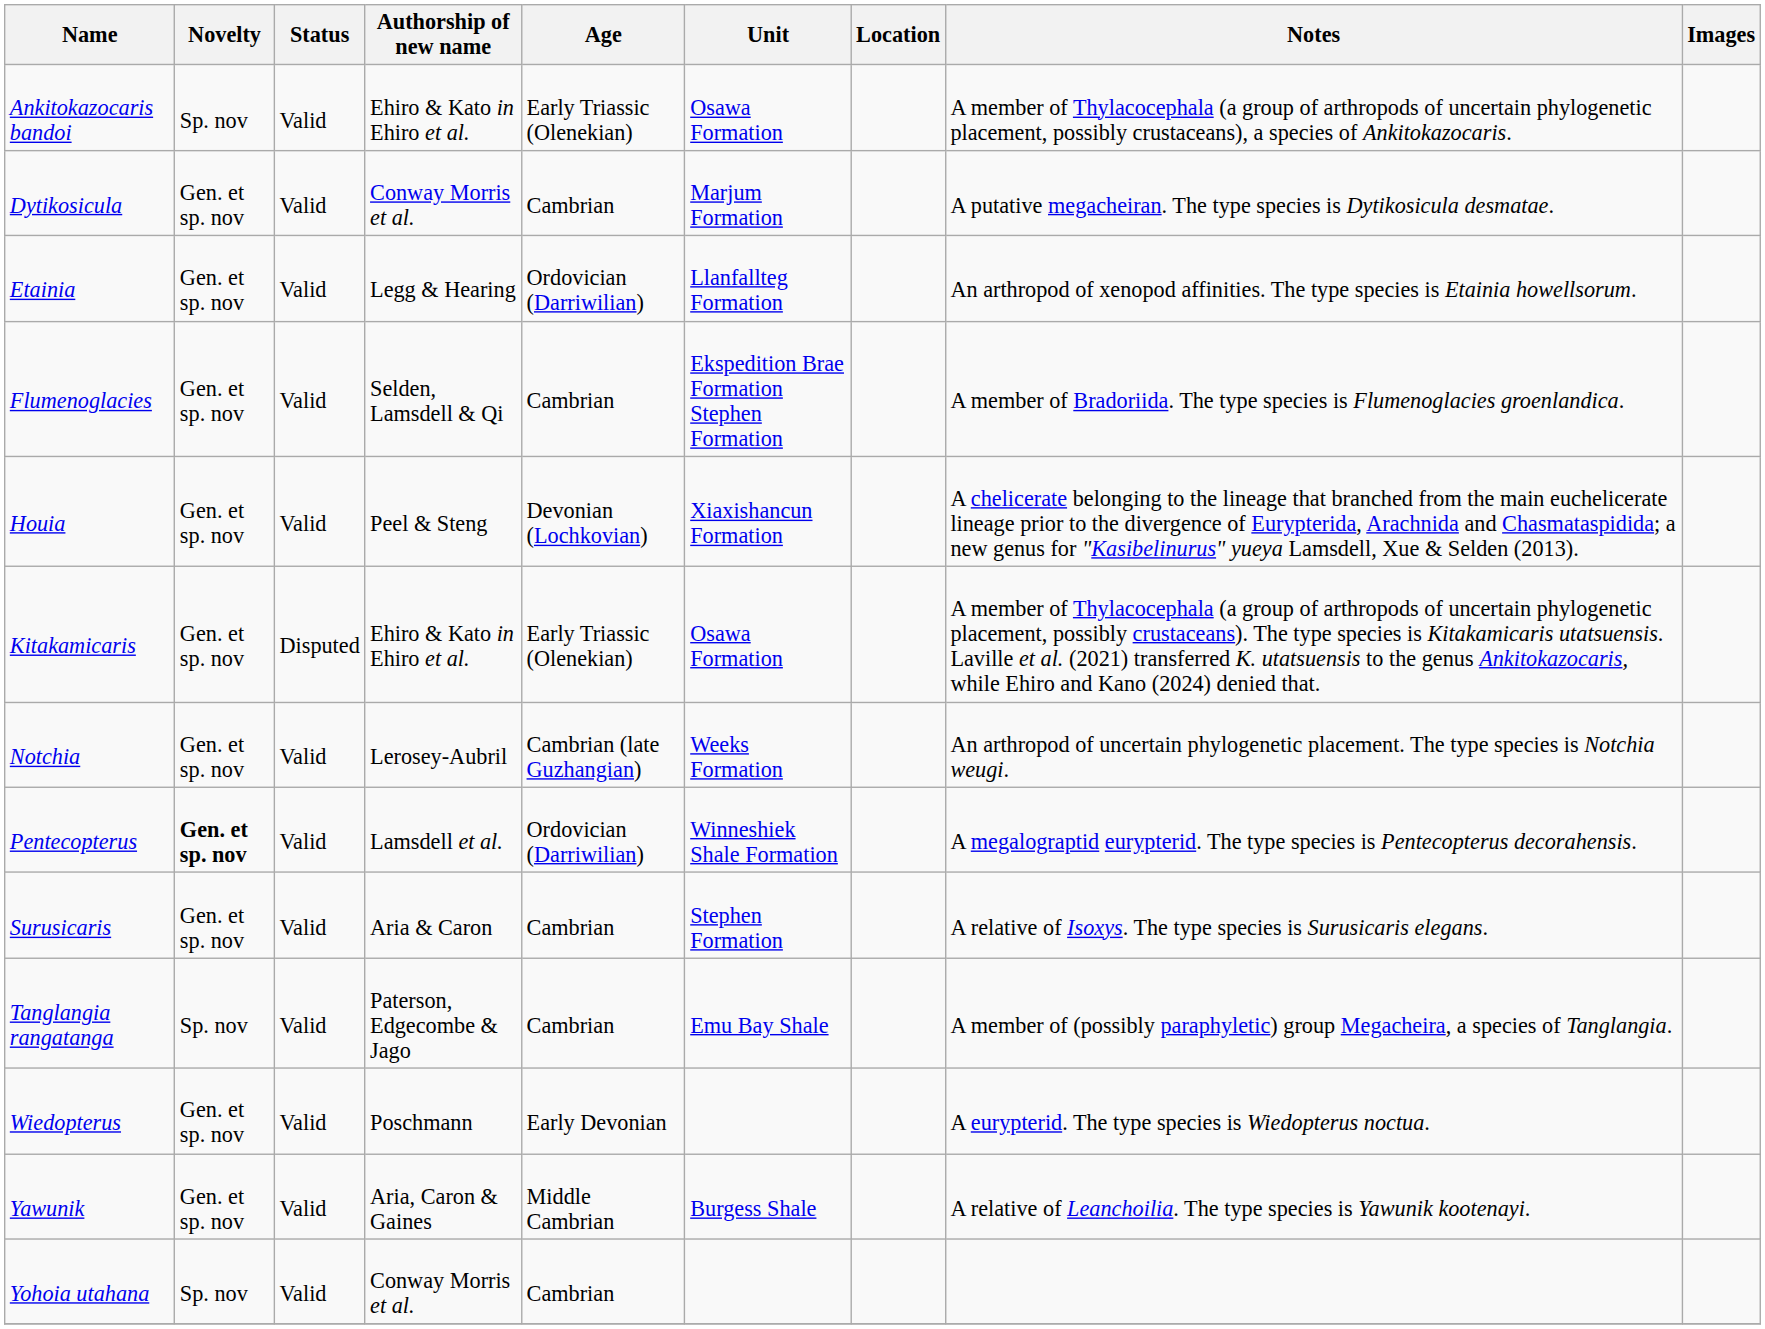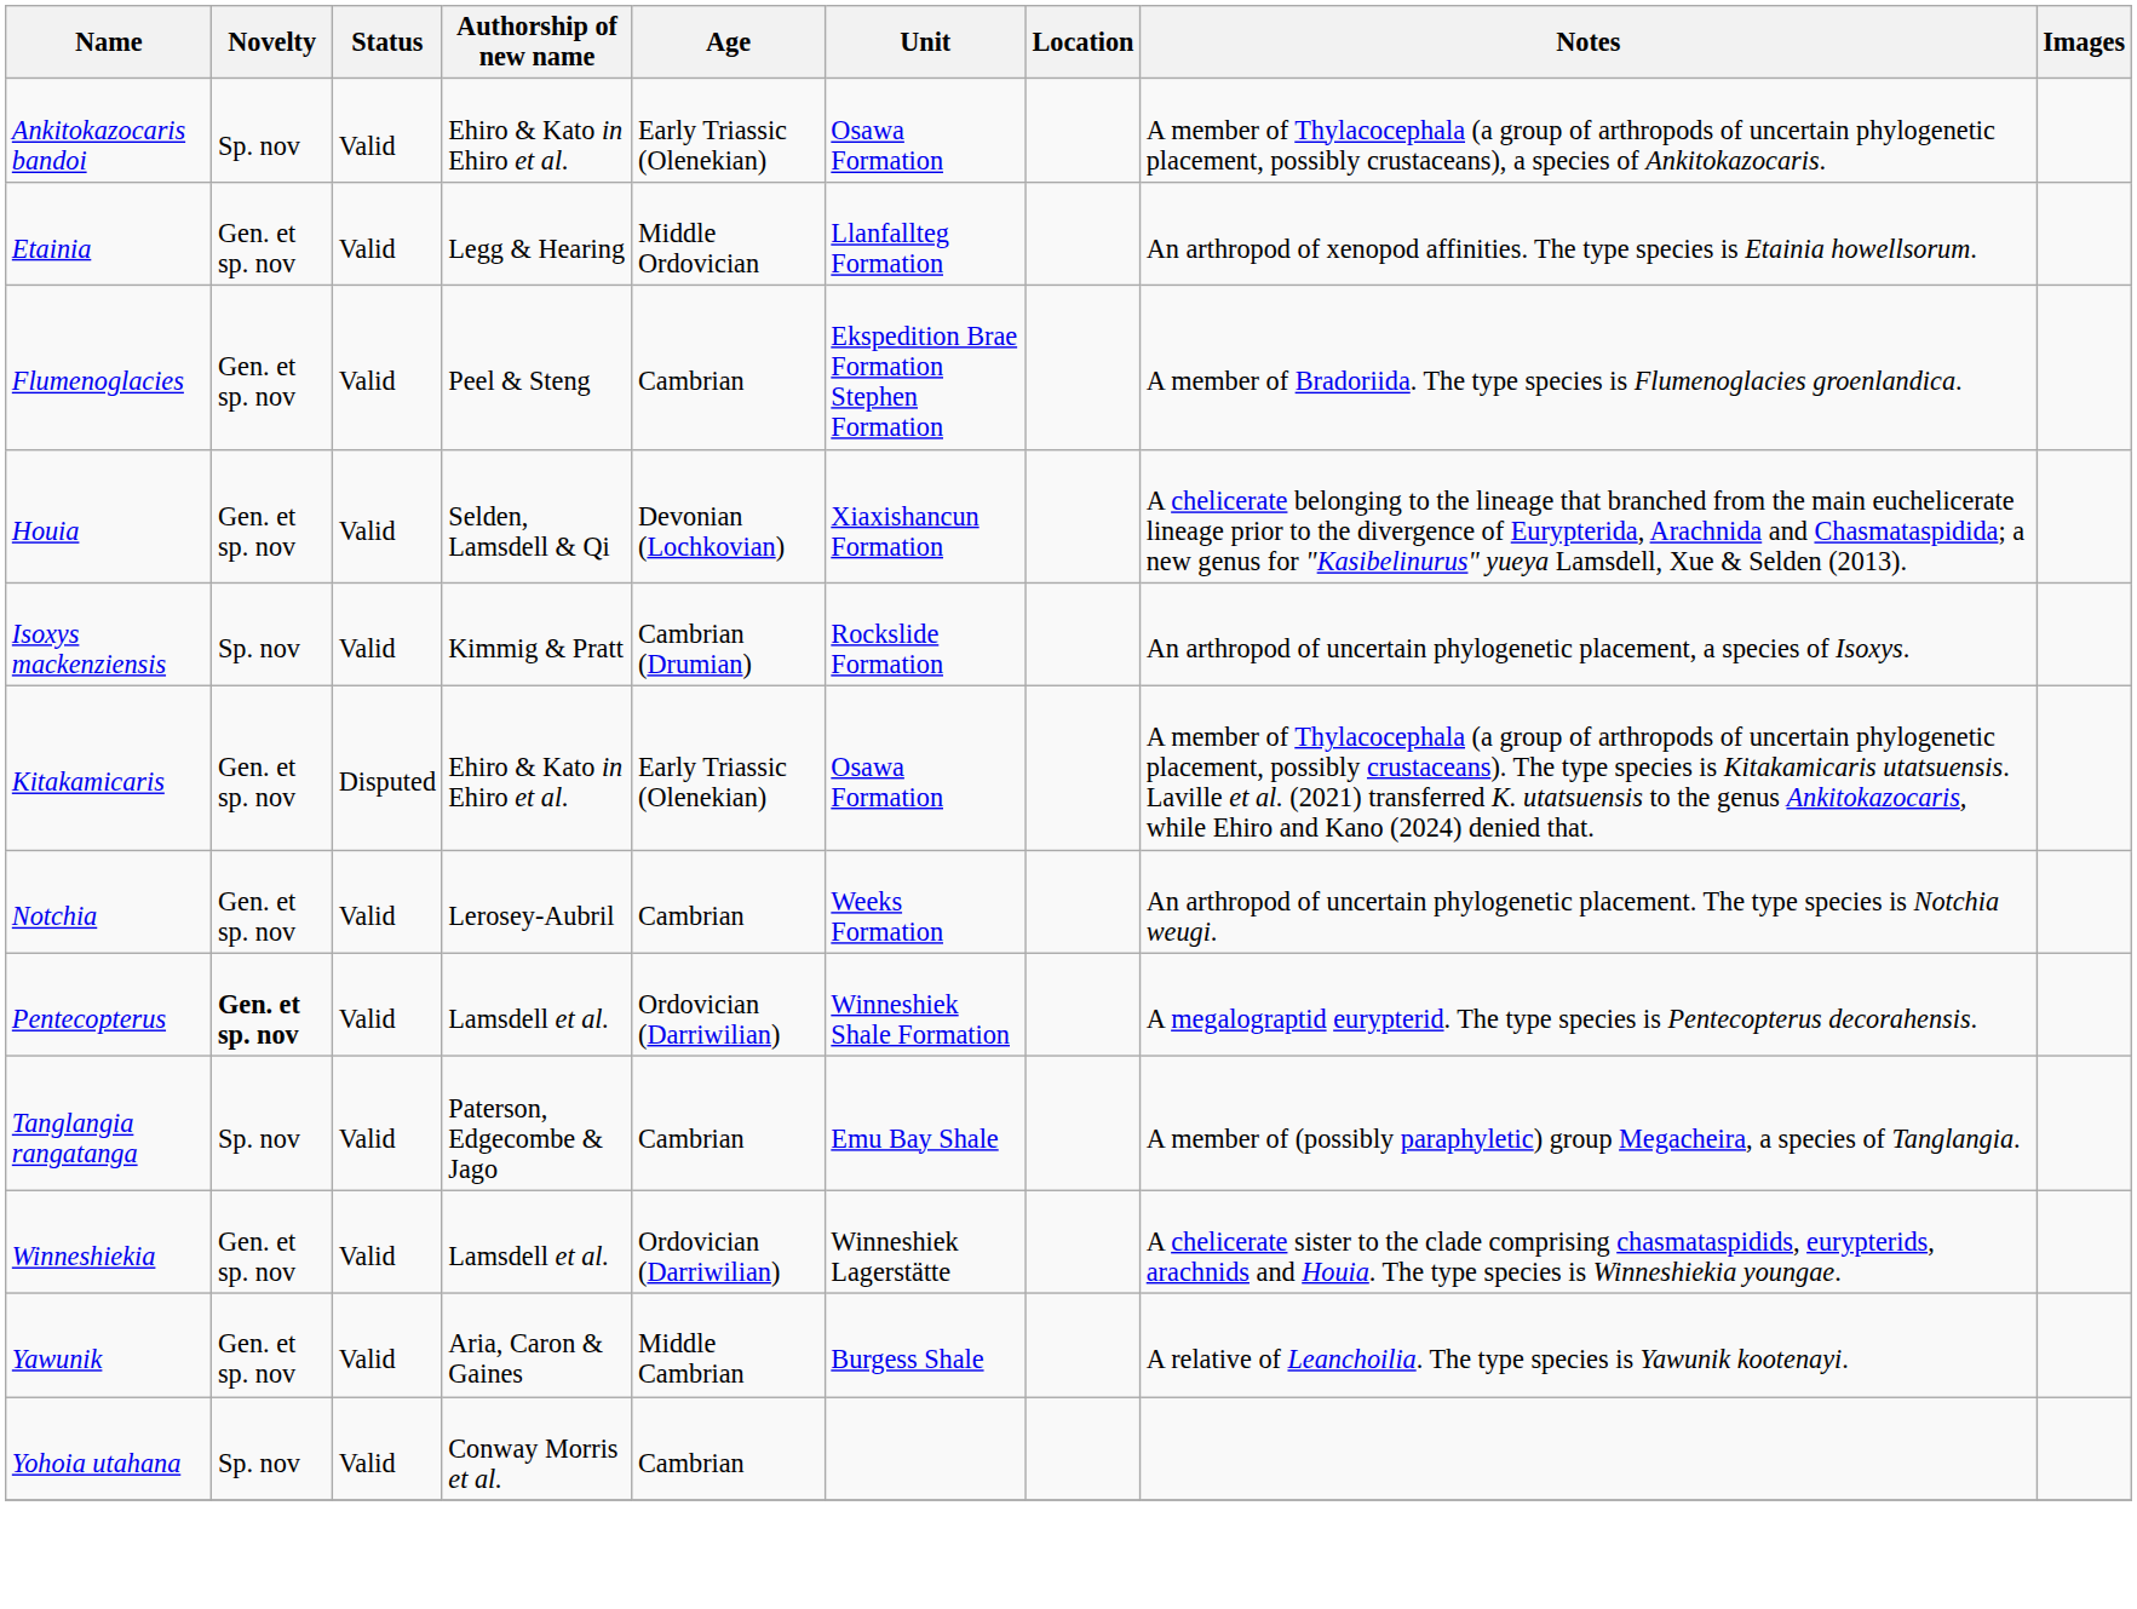 <table class="wikitable sortable" align="center" width="100%">
 <tr>
 <th>Name</th>
 <th>Novelty</th>
 <th>Status</th>
 <th>Authorship of new name</th>
 <th>Age</th>
 <th>Unit</th>
 <th>Location</th>
 <th>Notes</th>
 <th>Images</th>
 </tr>
 <tr>
 <td><br><em><a href='#'>Ankitokazocaris bandoi</a></em></td>
 <td><br>Sp. nov</td>
 <td><br>Valid</td>
 <td><br>Ehiro & Kato <em>in</em> Ehiro <em>et al.</em></td>
 <td><br>Early Triassic (Olenekian)</td>
 <td><br><a href='#'>Osawa Formation</a></td>
 <td><br></td>
 <td><br>A member of <a href='#'>Thylacocephala</a> (a group of arthropods of uncertain phylogenetic placement, possibly crustaceans), a species of <em>Ankitokazocaris</em>.</td>
 <td></td>
 </tr>
 <tr>
-<td><br><em><a href='#'>Dytikosicula</a></em></td>
-<td><br>Gen. et sp. nov</td>
-<td><br>Valid</td>
-<td><br><a href='#'>Conway Morris</a> <em>et al.</em></td>
-<td><br>Cambrian</td>
-<td><br><a href='#'>Marjum Formation</a></td>
-<td><br></td>
-<td><br>A putative <a href='#'>megacheiran</a>. The type species is <em>Dytikosicula desmatae</em>.</td>
-<td></td>
-</tr>
-<tr>
 <td><br><em><a href='#'>Etainia</a></em></td>
 <td><br>Gen. et sp. nov</td>
 <td><br>Valid</td>
 <td><br>Legg & Hearing</td>
-<td><br>Ordovician (<a href='#'>Darriwilian</a>)</td>
+<td><br>Middle Ordovician</td>
 <td><br><a href='#'>Llanfallteg Formation</a></td>
 <td><br></td>
 <td><br>An arthropod of xenopod affinities. The type species is <em>Etainia howellsorum</em>.</td>
 <td></td>
 </tr>
 <tr>
 <td><br><em><a href='#'>Flumenoglacies</a></em></td>
 <td><br>Gen. et sp. nov</td>
 <td><br>Valid</td>
-<td><br>Selden, Lamsdell & Qi</td>
+<td><br>Peel & Steng</td>
 <td><br>Cambrian</td>
 <td><br><a href='#'>Ekspedition Brae Formation</a><br> <a href='#'>Stephen Formation</a></td>
 <td><br><br> </td>
 <td><br>A member of <a href='#'>Bradoriida</a>. The type species is <em>Flumenoglacies groenlandica</em>.</td>
 <td></td>
 </tr>
 <tr>
 <td><br><em><a href='#'>Houia</a></em></td>
 <td><br>Gen. et sp. nov</td>
 <td><br>Valid</td>
-<td><br>Peel & Steng</td>
+<td><br>Selden, Lamsdell & Qi</td>
 <td><br>Devonian (<a href='#'>Lochkovian</a>)</td>
 <td><br><a href='#'>Xiaxishancun Formation</a></td>
 <td><br></td>
 <td><br>A <a href='#'>chelicerate</a> belonging to the lineage that branched from the main euchelicerate lineage prior to the divergence of <a href='#'>Eurypterida</a>, <a href='#'>Arachnida</a> and <a href='#'>Chasmataspidida</a>; a new genus for <em>"<a href='#'>Kasibelinurus</a>" yueya</em> Lamsdell, Xue & Selden (2013).</td>
+<td></td>
+</tr>
+<tr>
+<td><br><em><a href='#'>Isoxys mackenziensis</a></em></td>
+<td><br>Sp. nov</td>
+<td><br>Valid</td>
+<td><br>Kimmig & Pratt</td>
+<td><br>Cambrian (<a href='#'>Drumian</a>)</td>
+<td><br><a href='#'>Rockslide Formation</a></td>
+<td><br></td>
+<td><br>An arthropod of uncertain phylogenetic placement, a species of <em>Isoxys</em>.</td>
 <td></td>
 </tr>
 <tr>
 <td><br><em><a href='#'>Kitakamicaris</a></em></td>
 <td><br>Gen. et sp. nov</td>
 <td><br>Disputed</td>
 <td><br>Ehiro & Kato <em>in</em> Ehiro <em>et al.</em></td>
 <td><br>Early Triassic (Olenekian)</td>
 <td><br><a href='#'>Osawa Formation</a></td>
 <td><br></td>
 <td><br>A member of <a href='#'>Thylacocephala</a> (a group of arthropods of uncertain phylogenetic placement, possibly <a href='#'>crustaceans</a>). The type species is <em>Kitakamicaris utatsuensis</em>. Laville <em>et al.</em> (2021) transferred <em>K. utatsuensis</em> to the genus <em><a href='#'>Ankitokazocaris</a>,</em> while Ehiro and Kano (2024) denied that.</td>
 <td></td>
 </tr>
 <tr>
 <td><br><em><a href='#'>Notchia</a></em></td>
 <td><br>Gen. et sp. nov</td>
 <td><br>Valid</td>
 <td><br>Lerosey-Aubril</td>
-<td><br>Cambrian (late <a href='#'>Guzhangian</a>)</td>
+<td><br>Cambrian</td>
 <td><br><a href='#'>Weeks Formation</a></td>
 <td><br></td>
 <td><br>An arthropod of uncertain phylogenetic placement. The type species is <em>Notchia weugi</em>.</td>
 <td></td>
 </tr>
 <tr>
 <td><br><em><a href='#'>Pentecopterus</a></em></td>
 <td><strong><br>Gen. et sp. nov</strong></td>
 <td><br>Valid</td>
 <td><br>Lamsdell <em>et al.</em></td>
 <td><br>Ordovician (<a href='#'>Darriwilian</a>)</td>
 <td><br><a href='#'>Winneshiek Shale Formation</a></td>
 <td><br></td>
 <td><br>A <a href='#'>megalograptid</a> <a href='#'>eurypterid</a>. The type species is <em>Pentecopterus decorahensis</em>.</td>
 <td></td>
 </tr>
 <tr>
-<td><br><em><a href='#'>Surusicaris</a></em></td>
-<td><br>Gen. et sp. nov</td>
-<td><br>Valid</td>
-<td><br>Aria & Caron</td>
-<td><br>Cambrian</td>
-<td><br><a href='#'>Stephen Formation</a></td>
-<td><br></td>
-<td><br>A relative of <em><a href='#'>Isoxys</a></em>. The type species is <em>Surusicaris elegans</em>.</td>
-<td></td>
-</tr>
-<tr>
 <td><br><em><a href='#'>Tanglangia rangatanga</a></em></td>
 <td><br>Sp. nov</td>
 <td><br>Valid</td>
 <td><br>Paterson, Edgecombe & Jago</td>
 <td><br>Cambrian</td>
 <td><br><a href='#'>Emu Bay Shale</a></td>
 <td><br></td>
 <td><br>A member of (possibly <a href='#'>paraphyletic</a>) group <a href='#'>Megacheira</a>, a species of <em>Tanglangia</em>.</td>
 <td></td>
 </tr>
 <tr>
-<td><br><em><a href='#'>Wiedopterus</a></em></td>
+<td><br><em><a href='#'>Winneshiekia</a></em></td>
 <td><br>Gen. et sp. nov</td>
 <td><br>Valid</td>
-<td><br>Poschmann</td>
-<td><br>Early Devonian</td>
-<td></td>
+<td><br>Lamsdell <em>et al.</em></td>
+<td><br>Ordovician (<a href='#'>Darriwilian</a>)</td>
+<td><br>Winneshiek Lagerstätte</td>
 <td><br></td>
-<td><br>A <a href='#'>eurypterid</a>. The type species is <em>Wiedopterus noctua</em>.</td>
+<td><br>A <a href='#'>chelicerate</a> sister to the clade comprising <a href='#'>chasmataspidids</a>, <a href='#'>eurypterids</a>, <a href='#'>arachnids</a> and <em><a href='#'>Houia</a></em>. The type species is <em>Winneshiekia youngae</em>.</td>
 <td></td>
 </tr>
 <tr>
 <td><br><em><a href='#'>Yawunik</a></em></td>
 <td><br>Gen. et sp. nov</td>
 <td><br>Valid</td>
 <td><br>Aria, Caron & Gaines</td>
 <td><br>Middle Cambrian</td>
 <td><br><a href='#'>Burgess Shale</a></td>
 <td><br></td>
 <td><br>A relative of <em><a href='#'>Leanchoilia</a></em>. The type species is <em>Yawunik kootenayi</em>.</td>
 <td></td>
 </tr>
 <tr>
 <td><br><em><a href='#'>Yohoia utahana</a></em></td>
 <td><br>Sp. nov</td>
 <td><br>Valid</td>
 <td><br>Conway Morris <em>et al.</em></td>
 <td><br>Cambrian</td>
 <td></td>
 <td><br></td>
 <td></td>
 <td></td>
 </tr>
 <tr>
 </tr>
 </table>
